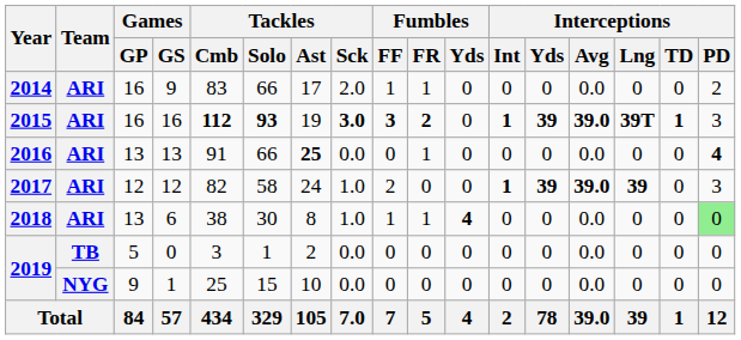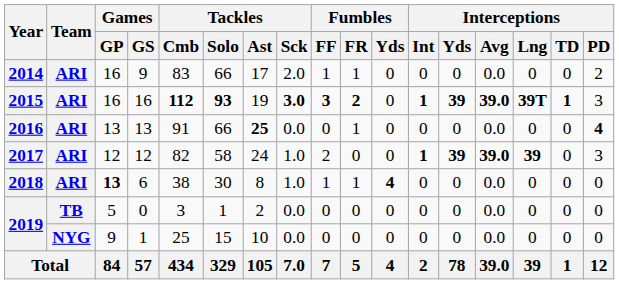 <table class=wikitable style="text-align:center;">
 <tr>
 <th rowspan="2">Year</th>
 <th rowspan="2">Team</th>
 <th colspan="2">Games</th>
 <th colspan="4">Tackles</th>
 <th colspan="3">Fumbles</th>
 <th colspan="6">Interceptions</th>
 </tr>
 <tr>
 <th>GP</th>
 <th>GS</th>
 <th>Cmb</th>
 <th>Solo</th>
 <th>Ast</th>
 <th>Sck</th>
 <th>FF</th>
 <th>FR</th>
 <th>Yds</th>
 <th>Int</th>
 <th>Yds</th>
 <th>Avg</th>
 <th>Lng</th>
 <th>TD</th>
 <th>PD</th>
 </tr>
 <tr>
 <th><a href='#'>2014</a></th>
 <th><a href='#'>ARI</a></th>
 <td>16</td>
 <td>9</td>
 <td>83</td>
 <td>66</td>
 <td>17</td>
 <td>2.0</td>
 <td>1</td>
 <td>1</td>
 <td>0</td>
 <td>0</td>
 <td>0</td>
 <td>0.0</td>
 <td>0</td>
 <td>0</td>
 <td>2</td>
 </tr>
 <tr>
 <th><a href='#'>2015</a></th>
 <th><a href='#'>ARI</a></th>
 <td>16</td>
 <td>16</td>
 <td><strong>112</strong></td>
 <td><strong>93</strong></td>
 <td>19</td>
 <td><strong>3.0</strong></td>
 <td><strong>3</strong></td>
 <td><strong>2</strong></td>
 <td>0</td>
 <td><strong>1</strong></td>
 <td><strong>39</strong></td>
 <td><strong>39.0</strong></td>
 <td><strong>39T</strong></td>
 <td><strong>1</strong></td>
 <td>3</td>
 </tr>
 <tr>
 <th><a href='#'>2016</a></th>
 <th><a href='#'>ARI</a></th>
 <td>13</td>
 <td>13</td>
 <td>91</td>
 <td>66</td>
 <td><strong>25</strong></td>
 <td>0.0</td>
 <td>0</td>
 <td>1</td>
 <td>0</td>
 <td>0</td>
 <td>0</td>
 <td>0.0</td>
 <td>0</td>
 <td>0</td>
 <td><strong>4</strong></td>
 </tr>
 <tr>
 <th><a href='#'>2017</a></th>
 <th><a href='#'>ARI</a></th>
 <td>12</td>
 <td>12</td>
 <td>82</td>
 <td>58</td>
 <td>24</td>
 <td>1.0</td>
 <td>2</td>
 <td>0</td>
 <td>0</td>
 <td><strong>1</strong></td>
 <td><strong>39</strong></td>
 <td><strong>39.0</strong></td>
 <td><strong>39</strong></td>
 <td>0</td>
 <td>3</td>
 </tr>
 <tr>
 <th><a href='#'>2018</a></th>
 <th><a href='#'>ARI</a></th>
-<td>13</td>
+<td><strong>13</strong></td>
 <td>6</td>
 <td>38</td>
 <td>30</td>
 <td>8</td>
 <td>1.0</td>
 <td>1</td>
 <td>1</td>
 <td><strong>4</strong></td>
 <td>0</td>
 <td>0</td>
 <td>0.0</td>
 <td>0</td>
 <td>0</td>
-<td style="background: lightgreen;">0</td>
+<td>0</td>
 </tr>
 <tr>
 <th rowspan="2"><a href='#'>2019</a></th>
 <th><a href='#'>TB</a></th>
 <td>5</td>
 <td>0</td>
 <td>3</td>
 <td>1</td>
 <td>2</td>
 <td>0.0</td>
 <td>0</td>
 <td>0</td>
 <td>0</td>
 <td>0</td>
 <td>0</td>
 <td>0.0</td>
 <td>0</td>
 <td>0</td>
 <td>0</td>
 </tr>
 <tr>
 <th><a href='#'>NYG</a></th>
 <td>9</td>
 <td>1</td>
 <td>25</td>
 <td>15</td>
 <td>10</td>
 <td>0.0</td>
 <td>0</td>
 <td>0</td>
 <td>0</td>
 <td>0</td>
 <td>0</td>
 <td>0.0</td>
 <td>0</td>
 <td>0</td>
 <td>0</td>
 </tr>
 <tr>
 <th colspan="2">Total</th>
 <th>84</th>
 <th>57</th>
 <th>434</th>
 <th>329</th>
 <th>105</th>
 <th>7.0</th>
 <th>7</th>
 <th>5</th>
 <th>4</th>
 <th>2</th>
 <th>78</th>
 <th>39.0</th>
 <th>39</th>
 <th>1</th>
 <th>12</th>
 </tr>
 </table>
